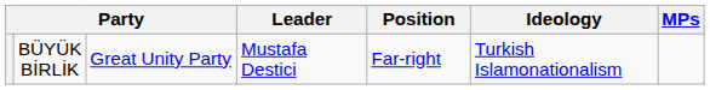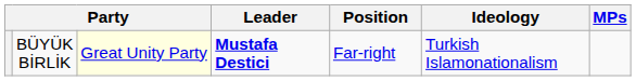 <table class="wikitable">
 <tr>
 <th colspan=3>Party</th>
 <th>Leader</th>
 <th>Position</th>
 <th>Ideology</th>
 <th><a href='#'>MPs</a></th>
 </tr>
 <tr>
 <th style="background:"></th>
 <td align=center>BÜYÜK BİRLİK</td>
-<td style="width:200px"><a href='#'>Great Unity Party</a><br><small></small></td>
-<td style="width:150px"><a href='#'>Mustafa Destici</a></td>
+<td style="background: lightyellow; width:200px"><a href='#'>Great Unity Party</a><br><small></small></td>
+<td style="width:150px"><strong><a href='#'>Mustafa Destici</a></strong></td>
 <td style="width:100px"><a href='#'>Far-right</a></td>
 <td style="width:180px"><a href='#'>Turkish Islamonationalism</a></td>
 <td></td>
 </tr>
 </table>
